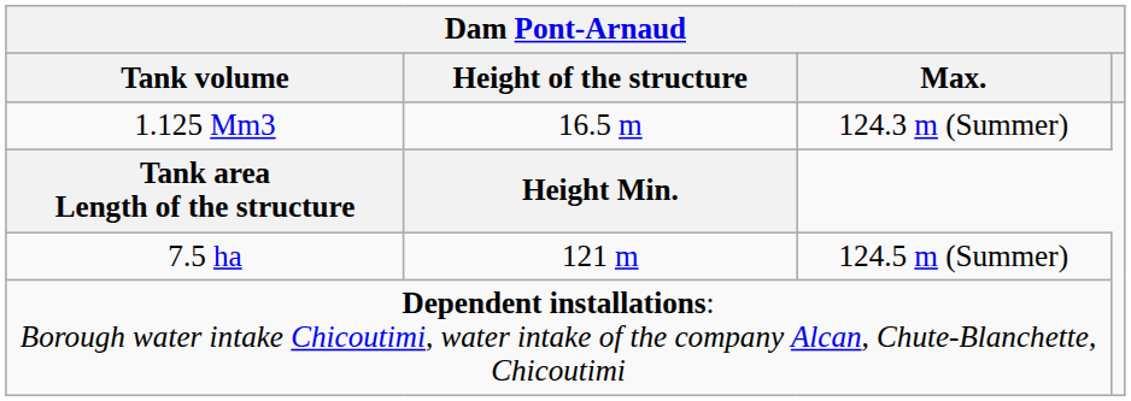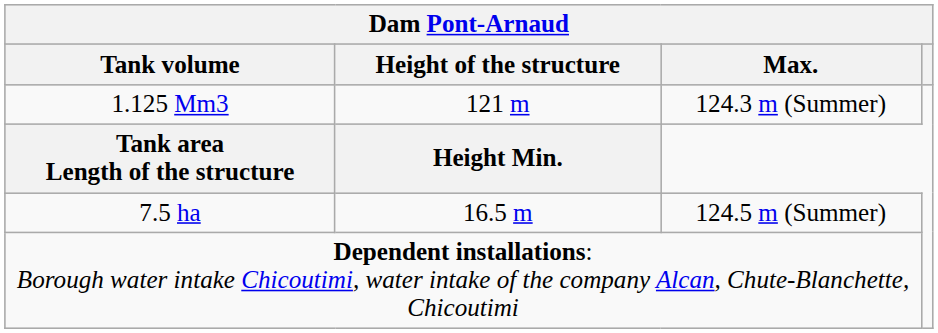 <table class = "wikitable" style = "text-align: center; margin-left: 1em; cellpadding: 2px">
 <tr>
 <th colspan = "4" style = "font-size: #eaeaea">Dam <a href='#'>Pont-Arnaud</a></th>
 </tr>
 <tr style = "height: 20px">
 <th>Tank volume</th>
 <th>Height of the structure</th>
 <th>Max.</th>
 <th Colspan = 5></th>
 </tr>
 <tr style = "height: 25px">
 <td>1.125 <a href='#'>Mm3</a></td>
-<td>16.5 <a href='#'>m</a></td>
+<td>121 <a href='#'>m</a></td>
 <td>124.3 <a href='#'>m</a> (Summer)</td>
 </tr>
 <tr style = "height: 20px">
 <th>Tank area<br>Length of the structure</th>
 <th>Height Min.</th>
 </tr>
 <tr style = "height: 25px">
 <td>7.5 <a href='#'>ha</a></td>
-<td>121 <a href='#'>m</a></td>
+<td>16.5 <a href='#'>m</a></td>
 <td>124.5 <a href='#'>m</a> (Summer)</td>
 </tr>
 <tr style = "height: 20px">
 <td colspan = "3" style = "font-size: #eaeaea"><strong>Dependent installations</strong>: <br> <em>Borough water intake <a href='#'>Chicoutimi</a>, water intake of the company <a href='#'>Alcan</a>, Chute-Blanchette, Chicoutimi</em></td>
 </tr>
 </table>
